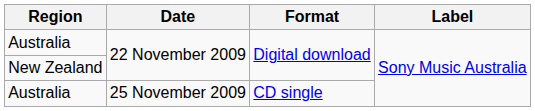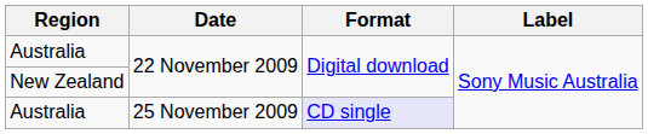 <table class="wikitable">
 <tr>
 <th>Region</th>
 <th>Date</th>
 <th>Format</th>
 <th>Label</th>
 </tr>
 <tr>
 <td>Australia</td>
 <td rowspan=2>22 November 2009</td>
 <td rowspan=2><a href='#'>Digital download</a></td>
 <td rowspan="3"><a href='#'>Sony Music Australia</a></td>
 </tr>
 <tr>
 <td>New Zealand</td>
 </tr>
 <tr>
 <td>Australia</td>
 <td>25 November 2009</td>
-<td><a href='#'>CD single</a></td>
+<td style="background: lavender;"><a href='#'>CD single</a></td>
 </tr>
 </table>
